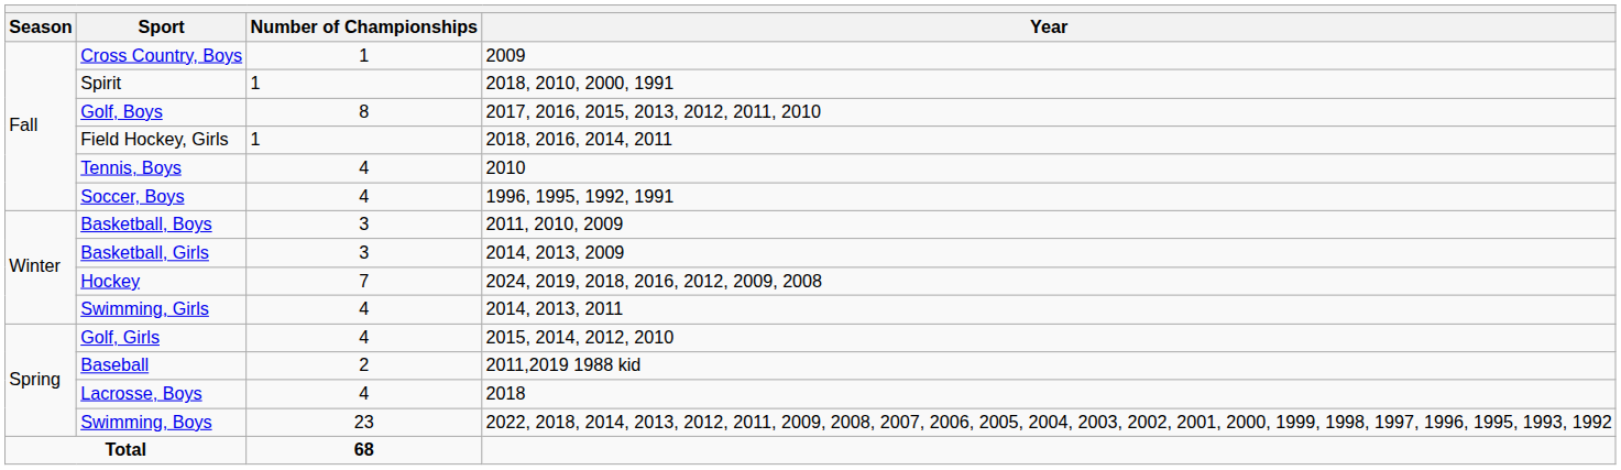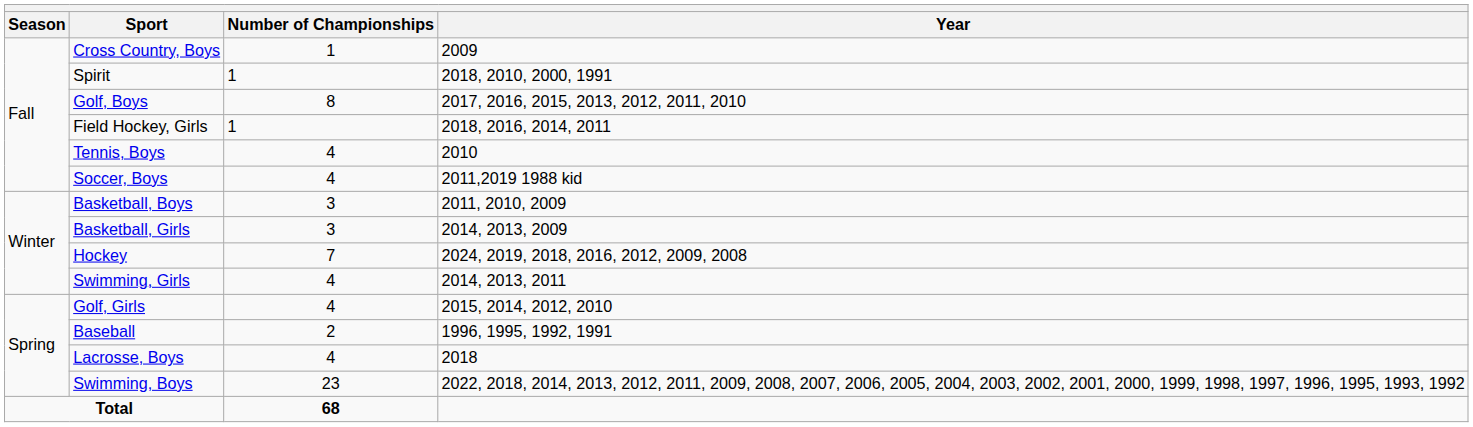 <table class="wikitable">
 <tr>
 <th colspan="4"></th>
 </tr>
 <tr>
 <th>Season</th>
 <th>Sport</th>
 <th>Number of Championships</th>
 <th>Year</th>
 </tr>
 <tr>
 <td rowspan="6">Fall</td>
 <td><a href='#'>Cross Country, Boys</a></td>
 <td align="center">1</td>
 <td>2009</td>
 </tr>
 <tr>
 <td>Spirit</td>
 <td>1</td>
 <td>2018, 2010, 2000, 1991</td>
 </tr>
 <tr>
 <td><a href='#'>Golf, Boys</a></td>
 <td align="center">8</td>
 <td>2017, 2016, 2015, 2013, 2012, 2011, 2010</td>
 </tr>
 <tr>
 <td>Field Hockey, Girls</td>
 <td>1</td>
 <td>2018, 2016, 2014, 2011 </td>
 </tr>
 <tr>
 <td><a href='#'>Tennis, Boys</a></td>
 <td align="center">4</td>
 <td>2010</td>
 </tr>
 <tr>
 <td><a href='#'>Soccer, Boys</a></td>
 <td align="center">4</td>
-<td>1996, 1995, 1992, 1991</td>
+<td>2011,2019 1988 kid</td>
 </tr>
 <tr>
 <td rowspan="4">Winter</td>
 <td><a href='#'>Basketball, Boys</a></td>
 <td align="center">3</td>
 <td>2011, 2010, 2009</td>
 </tr>
 <tr>
 <td><a href='#'>Basketball, Girls</a></td>
 <td align="center">3</td>
 <td>2014, 2013, 2009</td>
 </tr>
 <tr>
 <td><a href='#'>Hockey</a></td>
 <td align="center">7</td>
 <td>2024, 2019, 2018, 2016, 2012, 2009, 2008</td>
 </tr>
 <tr>
 <td><a href='#'>Swimming, Girls</a></td>
 <td align="center">4</td>
 <td>2014, 2013, 2011</td>
 </tr>
 <tr>
 <td rowspan="4">Spring</td>
 <td><a href='#'>Golf, Girls</a></td>
 <td align="center">4</td>
 <td>2015, 2014, 2012, 2010</td>
 </tr>
 <tr>
 <td><a href='#'>Baseball</a></td>
 <td align="center">2</td>
-<td>2011,2019 1988 kid</td>
+<td>1996, 1995, 1992, 1991</td>
 </tr>
 <tr>
 <td><a href='#'>Lacrosse, Boys</a></td>
 <td align="center">4</td>
 <td>2018</td>
 </tr>
 <tr>
 <td><a href='#'>Swimming, Boys</a></td>
 <td align="center">23</td>
 <td>2022, 2018, 2014, 2013, 2012, 2011, 2009, 2008, 2007, 2006, 2005, 2004, 2003, 2002, 2001, 2000, 1999, 1998, 1997, 1996, 1995, 1993, 1992</td>
 </tr>
 <tr>
 <td colspan="2" align="center"><strong>Total</strong></td>
 <td align="center"><strong>68</strong></td>
 </tr>
 </table>
